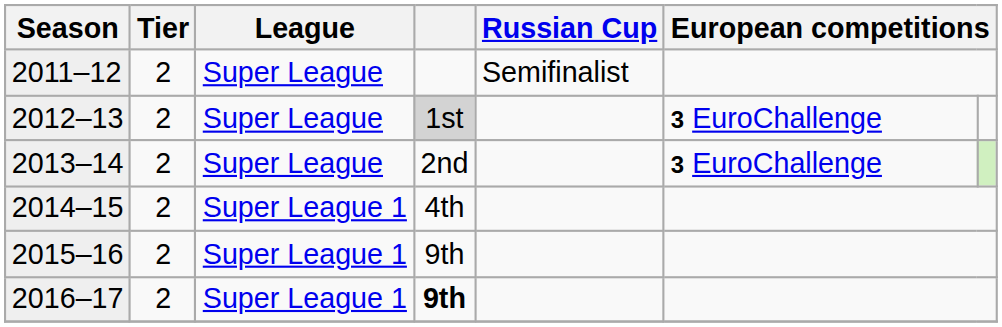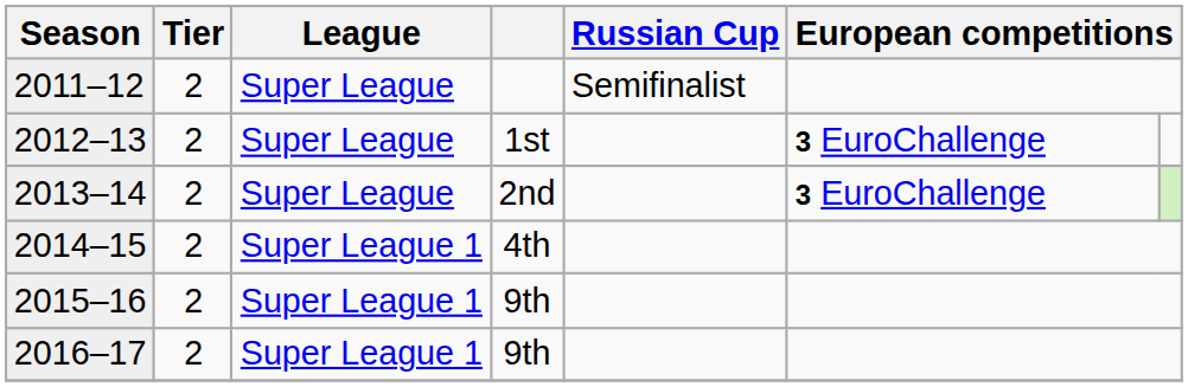 <table class="wikitable" style="font-size:85%">
 <tr bgcolor=>
 <th>Season</th>
 <th>Tier</th>
 <th>League</th>
 <th></th>
 <th><a href='#'>Russian Cup</a></th>
 <th colspan=2>European competitions</th>
 </tr>
 <tr>
 <td style="background:#efefef;">2011–12</td>
 <td align="center">2</td>
 <td><a href='#'>Super League</a></td>
 <td></td>
 <td>Semifinalist</td>
 <td colspan=2></td>
 </tr>
 <tr>
 <td style="background:#efefef;">2012–13</td>
 <td align="center">2</td>
 <td><a href='#'>Super League</a></td>
-<td align=center style="background: lightgrey;">1st</td>
+<td align=center>1st</td>
 <td style="background: "></td>
 <td><small><strong>3</strong></small> <a href='#'>EuroChallenge</a></td>
 <td></td>
 </tr>
 <tr>
 <td style="background:#efefef;">2013–14</td>
 <td align="center">2</td>
 <td><a href='#'>Super League</a></td>
 <td align=center>2nd</td>
 <td></td>
 <td><small><strong>3</strong></small> <a href='#'>EuroChallenge</a></td>
 <td style="background:#D0F0C0"></td>
 </tr>
 <tr>
 <td style="background:#efefef;">2014–15</td>
 <td align="center">2</td>
 <td><a href='#'>Super League 1</a></td>
 <td align=center>4th</td>
 <td></td>
 <td colspan=2></td>
 </tr>
 <tr>
 <td style="background:#efefef;">2015–16</td>
 <td align="center">2</td>
 <td><a href='#'>Super League 1</a></td>
 <td align=center>9th</td>
 <td></td>
 <td colspan=2></td>
 </tr>
 <tr>
 <td style="background:#efefef;">2016–17</td>
 <td align="center">2</td>
 <td><a href='#'>Super League 1</a></td>
-<td align=center><strong>9th</strong></td>
+<td align=center>9th</td>
 <td></td>
 <td colspan=2></td>
 </tr>
 <tr>
 </tr>
 </table>
